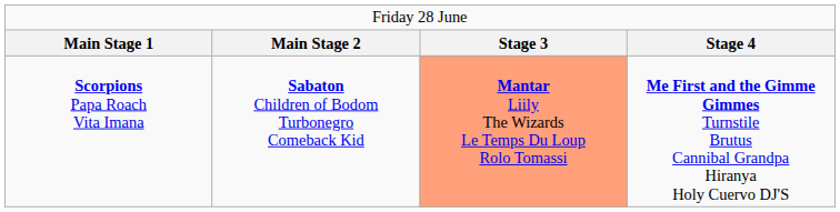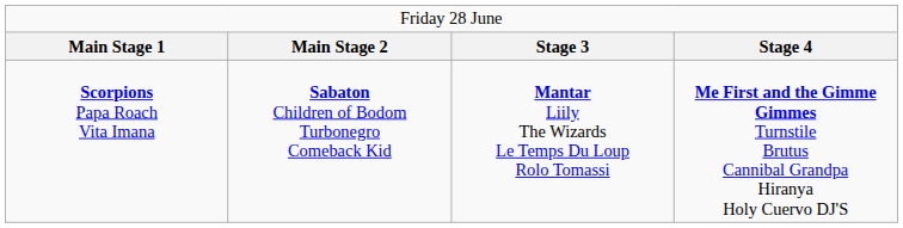 <table class="wikitable">
 <tr>
 <td colspan="4" style="text-align:center;">Friday 28 June</td>
 </tr>
 <tr>
 <th>Main Stage 1</th>
 <th>Main Stage 2</th>
 <th>Stage 3</th>
 <th>Stage 4</th>
 </tr>
 <tr>
 <td style="text-align:center; vertical-align:top; width:200px;"><br><strong><a href='#'>Scorpions</a></strong><br> <a href='#'>Papa Roach</a><br> <a href='#'>Vita Imana</a><br></td>
 <td style="text-align:center; vertical-align:top; width:200px;"><br><strong><a href='#'>Sabaton</a></strong><br> <a href='#'>Children of Bodom</a><br> <a href='#'>Turbonegro</a><br> <a href='#'>Comeback Kid</a><br></td>
-<td style="background: lightsalmon; text-align:center; vertical-align:top; width:200px;"><br><strong><a href='#'>Mantar</a></strong><br> <a href='#'>Liily</a><br> The Wizards<br> <a href='#'>Le Temps Du Loup</a><br> <a href='#'>Rolo Tomassi</a><br></td>
+<td style="text-align:center; vertical-align:top; width:200px;"><br><strong><a href='#'>Mantar</a></strong><br> <a href='#'>Liily</a><br> The Wizards<br> <a href='#'>Le Temps Du Loup</a><br> <a href='#'>Rolo Tomassi</a><br></td>
 <td style="text-align:center; vertical-align:top; width:200px;"><br><strong><a href='#'>Me First and the Gimme Gimmes</a></strong><br> <a href='#'>Turnstile</a><br> <a href='#'>Brutus</a> <br> <a href='#'>Cannibal Grandpa</a><br> Hiranya<br> Holy Cuervo DJ'S<br></td>
 </tr>
 </table>
